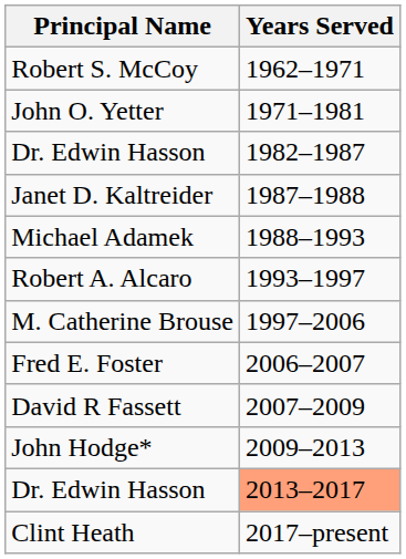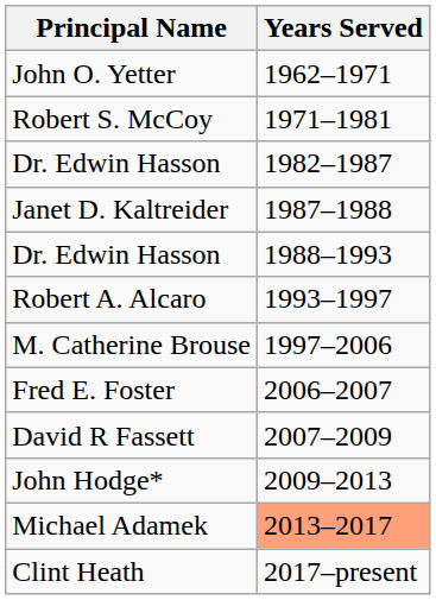 <table class="wikitable">
 <tr>
 <th>Principal Name</th>
 <th>Years Served</th>
 </tr>
 <tr>
-<td>Robert S. McCoy</td>
+<td>John O. Yetter</td>
 <td>1962–1971</td>
 </tr>
 <tr>
-<td>John O. Yetter</td>
+<td>Robert S. McCoy</td>
 <td>1971–1981</td>
 </tr>
 <tr>
 <td>Dr. Edwin Hasson</td>
 <td>1982–1987</td>
 </tr>
 <tr>
 <td>Janet D. Kaltreider</td>
 <td>1987–1988</td>
 </tr>
 <tr>
-<td>Michael Adamek</td>
+<td>Dr. Edwin Hasson</td>
 <td>1988–1993</td>
 </tr>
 <tr>
 <td>Robert A. Alcaro</td>
 <td>1993–1997</td>
 </tr>
 <tr>
 <td>M. Catherine Brouse</td>
 <td>1997–2006</td>
 </tr>
 <tr>
 <td>Fred E. Foster</td>
 <td>2006–2007</td>
 </tr>
 <tr>
 <td>David R Fassett</td>
 <td>2007–2009</td>
 </tr>
 <tr>
 <td>John Hodge*</td>
 <td>2009–2013</td>
 </tr>
 <tr>
-<td>Dr. Edwin Hasson</td>
+<td>Michael Adamek</td>
 <td style="background: lightsalmon;">2013–2017</td>
 </tr>
 <tr>
 <td>Clint Heath</td>
 <td>2017–present</td>
 </tr>
 </table>
